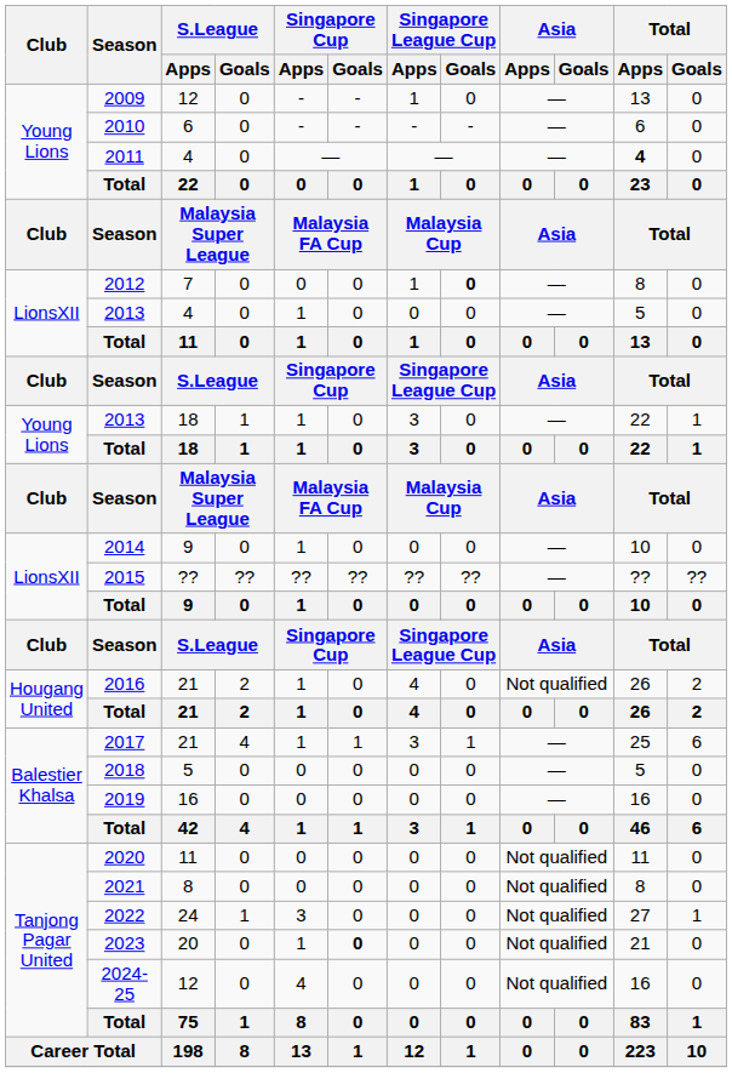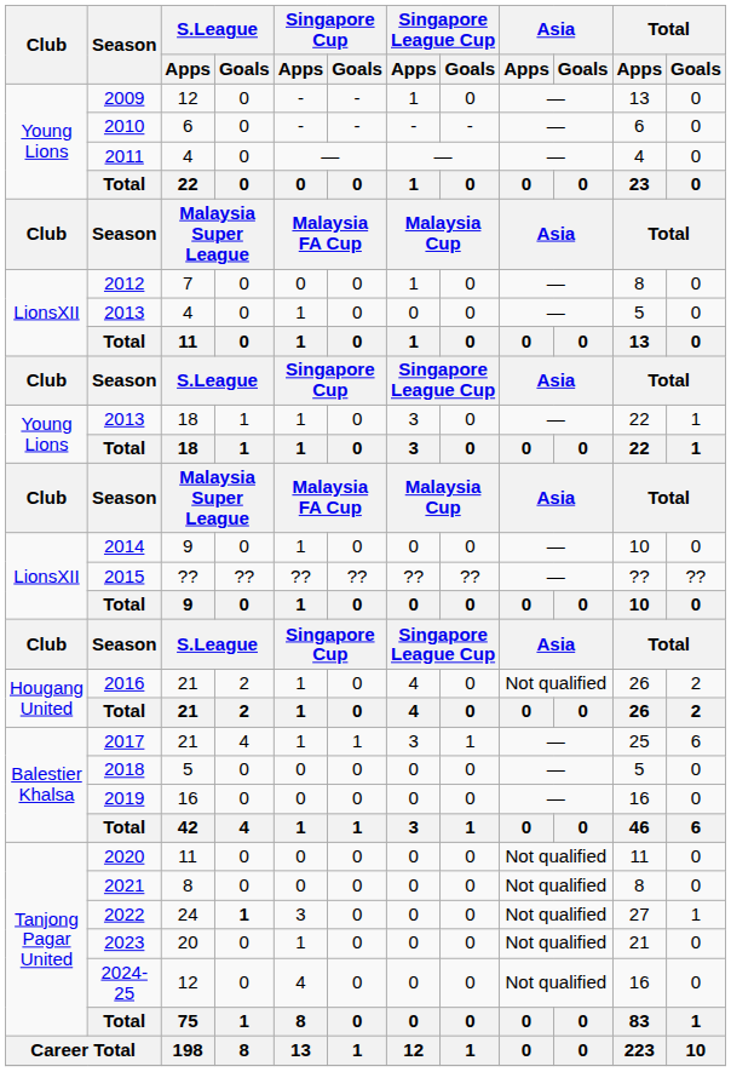 <table class="wikitable" style="text-align:center">
 <tr>
 <th rowspan="2">Club</th>
 <th rowspan="2">Season</th>
 <th colspan="2"><a href='#'>S.League</a></th>
 <th colspan="2"><a href='#'>Singapore Cup</a></th>
 <th colspan="2"><a href='#'>Singapore<br>League Cup</a></th>
 <th colspan="2"><a href='#'>Asia</a></th>
 <th colspan="2">Total</th>
 </tr>
 <tr>
 <th>Apps</th>
 <th>Goals</th>
 <th>Apps</th>
 <th>Goals</th>
 <th>Apps</th>
 <th>Goals</th>
 <th>Apps</th>
 <th>Goals</th>
 <th>Apps</th>
 <th>Goals</th>
 </tr>
 <tr>
 <td rowspan="4"><a href='#'>Young Lions</a></td>
 <td><a href='#'>2009</a></td>
 <td>12</td>
 <td>0</td>
 <td>-</td>
 <td>-</td>
 <td>1</td>
 <td>0</td>
 <td colspan='2'>—</td>
 <td>13</td>
 <td>0</td>
 </tr>
 <tr>
 <td><a href='#'>2010</a></td>
 <td>6</td>
 <td>0</td>
 <td>-</td>
 <td>-</td>
 <td>-</td>
 <td>-</td>
 <td colspan='2'>—</td>
 <td>6</td>
 <td>0</td>
 </tr>
 <tr>
 <td><a href='#'>2011</a></td>
 <td>4</td>
 <td>0</td>
 <td colspan='2'>—</td>
 <td colspan='2'>—</td>
 <td colspan='2'>—</td>
-<td><strong>4</strong></td>
+<td>4</td>
 <td>0</td>
 </tr>
 <tr>
 <th>Total</th>
 <th>22</th>
 <th>0</th>
 <th>0</th>
 <th>0</th>
 <th>1</th>
 <th>0</th>
 <th>0</th>
 <th>0</th>
 <th>23</th>
 <th>0</th>
 </tr>
 <tr>
 <th>Club</th>
 <th>Season</th>
 <th colspan="2"><a href='#'>Malaysia<br>Super League</a></th>
 <th colspan="2"><a href='#'>Malaysia<br>FA Cup</a></th>
 <th colspan="2"><a href='#'>Malaysia Cup</a></th>
 <th colspan="2"><a href='#'>Asia</a></th>
 <th colspan="2">Total</th>
 </tr>
 <tr>
 <td rowspan="3"><a href='#'>LionsXII</a></td>
 <td><a href='#'>2012</a></td>
 <td>7</td>
 <td>0</td>
 <td>0</td>
 <td>0</td>
 <td>1</td>
-<td><strong>0</strong></td>
+<td>0</td>
 <td colspan='2'>—</td>
 <td>8</td>
 <td>0</td>
 </tr>
 <tr>
 <td><a href='#'>2013</a></td>
 <td>4</td>
 <td>0</td>
 <td>1</td>
 <td>0</td>
 <td>0</td>
 <td>0</td>
 <td colspan='2'>—</td>
 <td>5</td>
 <td>0</td>
 </tr>
 <tr>
 <th>Total</th>
 <th>11</th>
 <th>0</th>
 <th>1</th>
 <th>0</th>
 <th>1</th>
 <th>0</th>
 <th>0</th>
 <th>0</th>
 <th>13</th>
 <th>0</th>
 </tr>
 <tr>
 <th>Club</th>
 <th>Season</th>
 <th colspan="2"><a href='#'>S.League</a></th>
 <th colspan="2"><a href='#'>Singapore Cup</a></th>
 <th colspan="2"><a href='#'>Singapore<br>League Cup</a></th>
 <th colspan="2"><a href='#'>Asia</a></th>
 <th colspan="2">Total</th>
 </tr>
 <tr>
 <td rowspan="2"><a href='#'>Young Lions</a></td>
 <td><a href='#'>2013</a></td>
 <td>18</td>
 <td>1</td>
 <td>1</td>
 <td>0</td>
 <td>3</td>
 <td>0</td>
 <td colspan='2'>—</td>
 <td>22</td>
 <td>1</td>
 </tr>
 <tr>
 <th>Total</th>
 <th>18</th>
 <th>1</th>
 <th>1</th>
 <th>0</th>
 <th>3</th>
 <th>0</th>
 <th>0</th>
 <th>0</th>
 <th>22</th>
 <th>1</th>
 </tr>
 <tr>
 <th>Club</th>
 <th>Season</th>
 <th colspan="2"><a href='#'>Malaysia<br>Super League</a></th>
 <th colspan="2"><a href='#'>Malaysia<br>FA Cup</a></th>
 <th colspan="2"><a href='#'>Malaysia Cup</a></th>
 <th colspan="2"><a href='#'>Asia</a></th>
 <th colspan="2">Total</th>
 </tr>
 <tr>
 <td rowspan="3"><a href='#'>LionsXII</a></td>
 <td><a href='#'>2014</a></td>
 <td>9</td>
 <td>0</td>
 <td>1</td>
 <td>0</td>
 <td>0</td>
 <td>0</td>
 <td colspan='2'>—</td>
 <td>10</td>
 <td>0</td>
 </tr>
 <tr>
 <td><a href='#'>2015</a></td>
 <td>??</td>
 <td>??</td>
 <td>??</td>
 <td>??</td>
 <td>??</td>
 <td>??</td>
 <td colspan='2'>—</td>
 <td>??</td>
 <td>??</td>
 </tr>
 <tr>
 <th>Total</th>
 <th>9</th>
 <th>0</th>
 <th>1</th>
 <th>0</th>
 <th>0</th>
 <th>0</th>
 <th>0</th>
 <th>0</th>
 <th>10</th>
 <th>0</th>
 </tr>
 <tr>
 <th>Club</th>
 <th>Season</th>
 <th colspan="2"><a href='#'>S.League</a></th>
 <th colspan="2"><a href='#'>Singapore Cup</a></th>
 <th colspan="2"><a href='#'>Singapore<br>League Cup</a></th>
 <th colspan="2"><a href='#'>Asia</a></th>
 <th colspan="2">Total</th>
 </tr>
 <tr>
 <td rowspan="2"><a href='#'>Hougang United</a></td>
 <td><a href='#'>2016</a></td>
 <td>21</td>
 <td>2</td>
 <td>1</td>
 <td>0</td>
 <td>4</td>
 <td>0</td>
 <td colspan='2'>Not qualified</td>
 <td>26</td>
 <td>2</td>
 </tr>
 <tr>
 <th>Total</th>
 <th>21</th>
 <th>2</th>
 <th>1</th>
 <th>0</th>
 <th>4</th>
 <th>0</th>
 <th>0</th>
 <th>0</th>
 <th>26</th>
 <th>2</th>
 </tr>
 <tr>
 <td rowspan="4"><a href='#'>Balestier Khalsa</a></td>
 <td><a href='#'>2017</a></td>
 <td>21</td>
 <td>4</td>
 <td>1</td>
 <td>1</td>
 <td>3</td>
 <td>1</td>
 <td colspan='2'>—</td>
 <td>25</td>
 <td>6</td>
 </tr>
 <tr>
 <td><a href='#'>2018</a></td>
 <td>5</td>
 <td>0</td>
 <td>0</td>
 <td>0</td>
 <td>0</td>
 <td>0</td>
 <td colspan='2'>—</td>
 <td>5</td>
 <td>0</td>
 </tr>
 <tr>
 <td><a href='#'>2019</a></td>
 <td>16</td>
 <td>0</td>
 <td>0</td>
 <td>0</td>
 <td>0</td>
 <td>0</td>
 <td colspan='2'>—</td>
 <td>16</td>
 <td>0</td>
 </tr>
 <tr>
 <th>Total</th>
 <th>42</th>
 <th>4</th>
 <th>1</th>
 <th>1</th>
 <th>3</th>
 <th>1</th>
 <th>0</th>
 <th>0</th>
 <th>46</th>
 <th>6</th>
 </tr>
 <tr>
 <td rowspan="6"><a href='#'>Tanjong Pagar United</a></td>
 <td><a href='#'>2020</a></td>
 <td>11</td>
 <td>0</td>
 <td>0</td>
 <td>0</td>
 <td>0</td>
 <td>0</td>
 <td colspan='2'>Not qualified</td>
 <td>11</td>
 <td>0</td>
 </tr>
 <tr>
 <td><a href='#'>2021</a></td>
 <td>8</td>
 <td>0</td>
 <td>0</td>
 <td>0</td>
 <td>0</td>
 <td>0</td>
 <td colspan='2'>Not qualified</td>
 <td>8</td>
 <td>0</td>
 </tr>
 <tr>
 <td><a href='#'>2022</a></td>
 <td>24</td>
-<td>1</td>
+<td><strong>1</strong></td>
 <td>3</td>
 <td>0</td>
 <td>0</td>
 <td>0</td>
 <td colspan='2'>Not qualified</td>
 <td>27</td>
 <td>1</td>
 </tr>
 <tr>
 <td><a href='#'>2023</a></td>
 <td>20</td>
 <td>0</td>
 <td>1</td>
-<td><strong>0</strong></td>
+<td>0</td>
 <td>0</td>
 <td>0</td>
 <td colspan='2'>Not qualified</td>
 <td>21</td>
 <td>0</td>
 </tr>
 <tr>
 <td><a href='#'>2024-25</a></td>
 <td>12</td>
 <td>0</td>
 <td>4</td>
 <td>0</td>
 <td>0</td>
 <td>0</td>
 <td colspan='2'>Not qualified</td>
 <td>16</td>
 <td>0</td>
 </tr>
 <tr>
 <th>Total</th>
 <th>75</th>
 <th>1</th>
 <th>8</th>
 <th>0</th>
 <th>0</th>
 <th>0</th>
 <th>0</th>
 <th>0</th>
 <th>83</th>
 <th>1</th>
 </tr>
 <tr>
 <th colspan="2">Career Total</th>
 <th>198</th>
 <th>8</th>
 <th>13</th>
 <th>1</th>
 <th>12</th>
 <th>1</th>
 <th>0</th>
 <th>0</th>
 <th>223</th>
 <th>10</th>
 </tr>
 <tr>
 </tr>
 </table>
